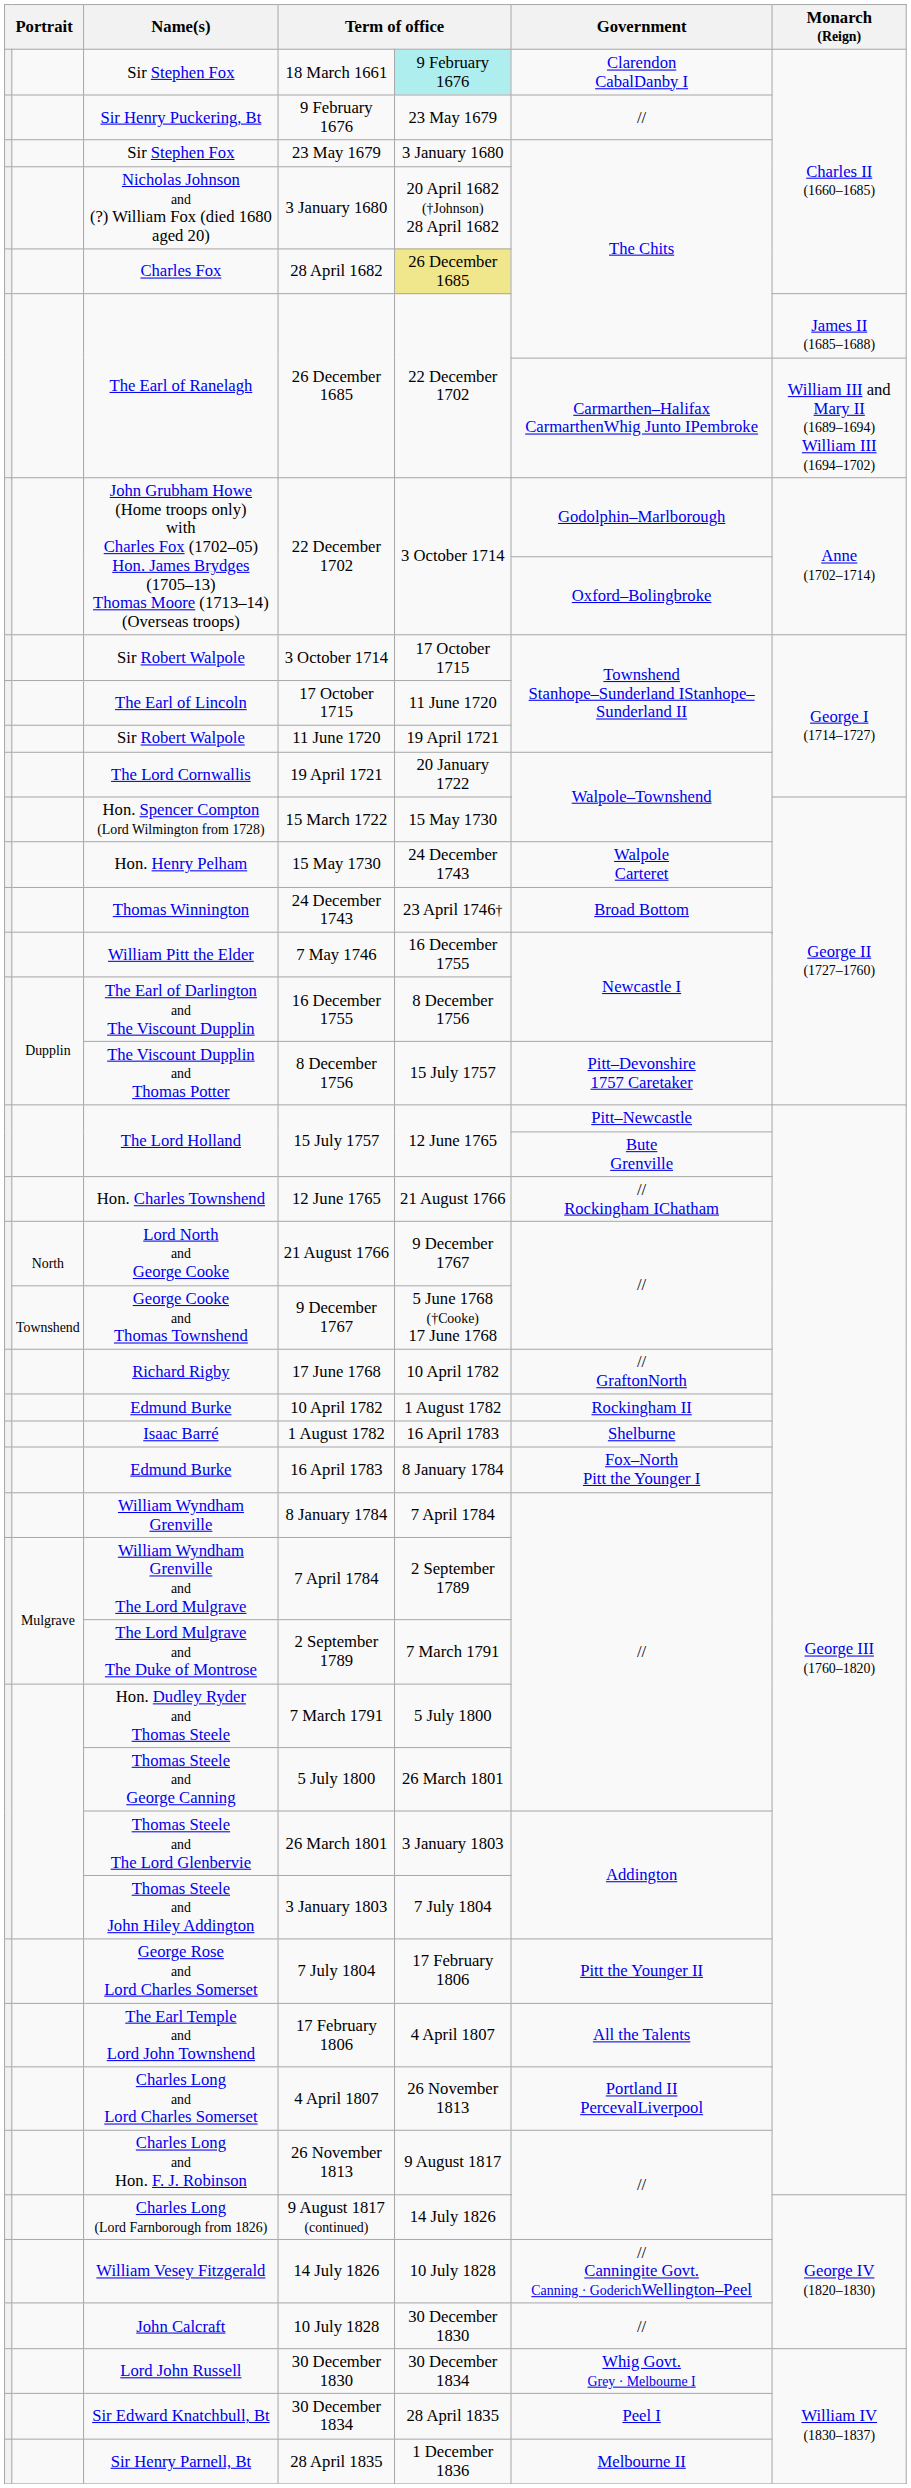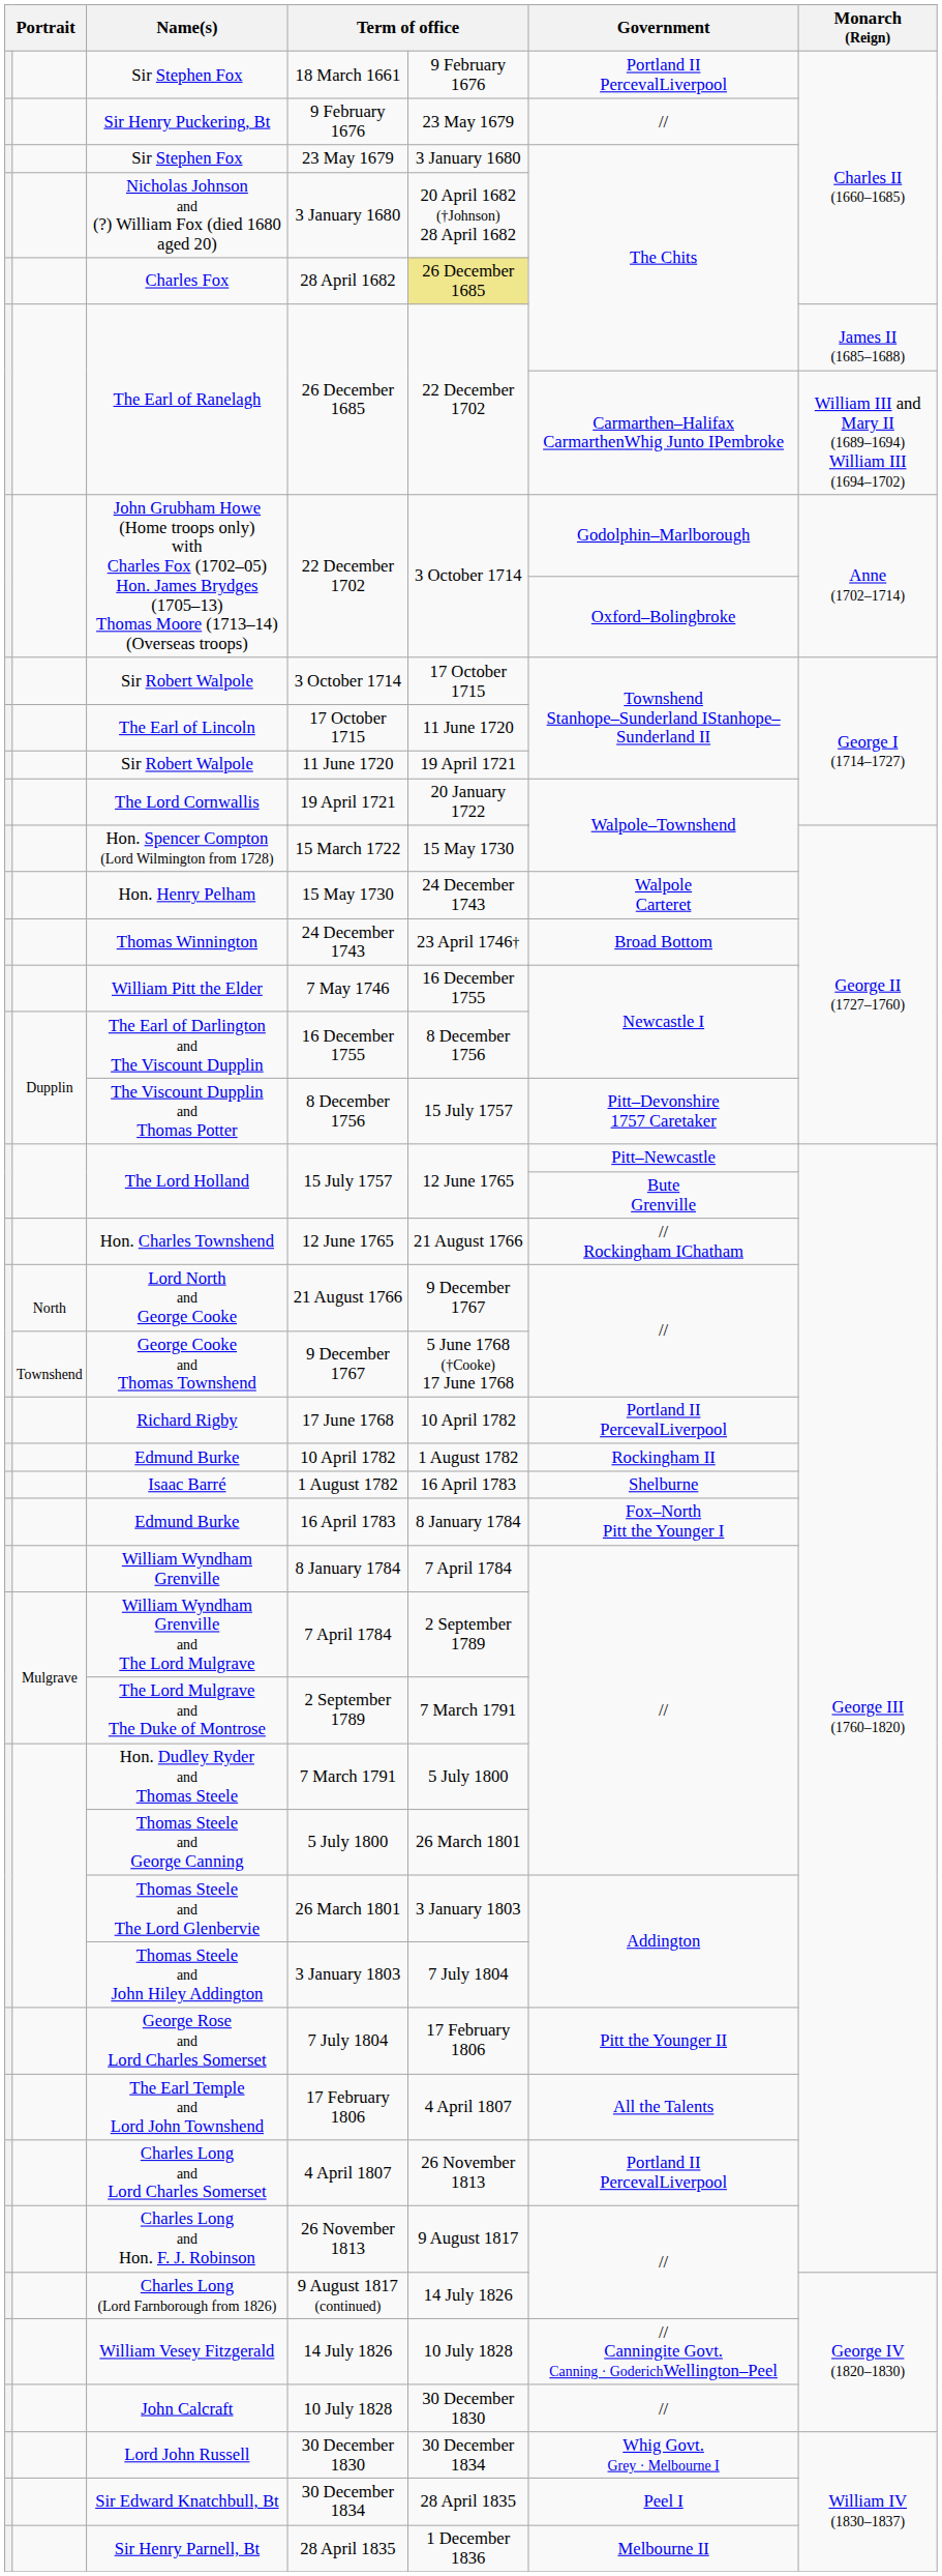 <table class="wikitable" style="text-align:center;">
 <tr>
 <th colspan=2>Portrait</th>
 <th>Name(s)</th>
 <th colspan=2>Term of office</th>
 <th>Government</th>
 <th>Monarch<br><small>(Reign)</small></th>
 </tr>
 <tr>
 <th style="background-color:"></th>
 <td></td>
 <td>Sir <a href='#'>Stephen Fox</a></td>
 <td>18 March 1661</td>
-<td style="background: paleturquoise;">9 February 1676</td>
-<td><a href='#'>Clarendon</a><br><a href='#'>Cabal</a><a href='#'>Danby I</a></td>
+<td>9 February 1676</td>
+<td><a href='#'>Portland II</a><br><a href='#'>Perceval</a><a href='#'>Liverpool</a></td>
 <td rowspan=5><br><a href='#'>Charles II</a><br><small>(1660–1685)</small></td>
 </tr>
 <tr>
 <th style="background-color:"></th>
 <td></td>
 <td><a href='#'>Sir Henry Puckering, Bt</a></td>
 <td>9 February 1676</td>
 <td>23 May 1679</td>
 <td>//</td>
 </tr>
 <tr>
 <th style="background-color:"></th>
 <td></td>
 <td>Sir <a href='#'>Stephen Fox</a></td>
 <td>23 May 1679</td>
 <td>3 January 1680</td>
 <td rowspan=4><a href='#'>The Chits</a></td>
 </tr>
 <tr>
 <th style="background-color:"></th>
 <td></td>
 <td><a href='#'>Nicholas Johnson</a><br><small>and</small><br> (?) William Fox (died 1680 aged 20)</td>
 <td>3 January 1680</td>
 <td>20 April 1682<br><small>(†Johnson)</small><br>28 April 1682</td>
 </tr>
 <tr>
 <th style="background-color:"></th>
 <td></td>
 <td><a href='#'>Charles Fox</a></td>
 <td>28 April 1682</td>
 <td style="background: khaki;">26 December 1685</td>
 </tr>
 <tr>
 <th rowspan=3 style="background-color:"></th>
 <td rowspan=3></td>
 <td rowspan=3><a href='#'>The Earl of Ranelagh</a></td>
 <td rowspan=3>26 December 1685</td>
 <td rowspan=3>22 December 1702</td>
 <td><br><a href='#'>James II</a><br><small>(1685–1688)</small></td>
 </tr>
 <tr>
 <td><a href='#'>Carmarthen–Halifax</a><br><a href='#'>Carmarthen</a><a href='#'>Whig Junto I</a><a href='#'>Pembroke</a></td>
 <td><br><a href='#'>William III</a> and <a href='#'>Mary II</a><br><small>(1689–1694)</small><br><a href='#'>William III</a><br><small>(1694–1702)</small></td>
 </tr>
 <tr>
 <td rowspan=2><a href='#'>Godolphin–Marlborough</a></td>
 <td rowspan=3><br><a href='#'>Anne</a><br><small>(1702–1714)</small></td>
 </tr>
 <tr>
 <th rowspan=2 style="background-color:"></th>
 <td rowspan=2></td>
 <td rowspan=2><a href='#'>John Grubham Howe</a> <br> (Home troops only)<br>with<br><a href='#'>Charles Fox</a> (1702–05)<br><a href='#'>Hon. James Brydges</a> (1705–13)<br><a href='#'>Thomas Moore</a> (1713–14)<br> (Overseas troops)</td>
 <td rowspan=2>22 December 1702</td>
 <td rowspan=2>3 October 1714</td>
 </tr>
 <tr>
 <td><a href='#'>Oxford–Bolingbroke</a></td>
 </tr>
 <tr>
 <th style="background-color:"></th>
 <td></td>
 <td>Sir <a href='#'>Robert Walpole</a></td>
 <td>3 October 1714</td>
 <td>17 October 1715</td>
 <td rowspan=3><a href='#'>Townshend</a><br><a href='#'>Stanhope–Sunderland I</a><a href='#'>Stanhope–Sunderland II</a></td>
 <td rowspan=5><br><a href='#'>George I</a><br><small>(1714–1727)</small></td>
 </tr>
 <tr>
 <th style="background-color:"></th>
 <td></td>
 <td><a href='#'>The Earl of Lincoln</a></td>
 <td>17 October 1715</td>
 <td>11 June 1720</td>
 </tr>
 <tr>
 <th style="background-color:"></th>
 <td></td>
 <td>Sir <a href='#'>Robert Walpole</a></td>
 <td>11 June 1720</td>
 <td>19 April 1721</td>
 </tr>
 <tr>
 <th style="background-color:"></th>
 <td></td>
 <td><a href='#'>The Lord Cornwallis</a></td>
 <td>19 April 1721</td>
 <td>20 January 1722</td>
 <td rowspan=3><a href='#'>Walpole–Townshend</a></td>
 </tr>
 <tr>
 <th rowspan=2 style="background-color:"></th>
 <td rowspan=2></td>
 <td rowspan=2>Hon. <a href='#'>Spencer Compton</a><br><small>(Lord Wilmington from 1728)</small></td>
 <td rowspan=2>15 March 1722</td>
 <td rowspan=2>15 May 1730</td>
 </tr>
 <tr>
 <td rowspan=8><br><a href='#'>George II</a><br><small>(1727–1760)</small></td>
 </tr>
 <tr>
 <th style="background-color:"></th>
 <td></td>
 <td>Hon. <a href='#'>Henry Pelham</a></td>
 <td>15 May 1730</td>
 <td>24 December 1743</td>
 <td><a href='#'>Walpole</a><br><a href='#'>Carteret</a></td>
 </tr>
 <tr>
 <th style="background-color:"></th>
 <td></td>
 <td><a href='#'>Thomas Winnington</a></td>
 <td>24 December 1743</td>
 <td>23 April 1746<small>†</small></td>
 <td rowspan=2><a href='#'>Broad Bottom</a></td>
 </tr>
 <tr>
 <th rowspan=2 style="background-color:"></th>
 <td rowspan=2></td>
 <td rowspan=2><a href='#'>William Pitt the Elder</a></td>
 <td rowspan=2>7 May 1746</td>
 <td rowspan=2>16 December 1755</td>
 </tr>
 <tr>
 <td rowspan=2><a href='#'>Newcastle I</a></td>
 </tr>
 <tr>
 <th rowspan=2 style="background-color:"></th>
 <td rowspan=2><br><small>Dupplin</small></td>
 <td><a href='#'>The Earl of Darlington</a><br><small>and</small><br><a href='#'>The Viscount Dupplin</a></td>
 <td>16 December 1755</td>
 <td>8 December 1756</td>
 </tr>
 <tr>
 <td><a href='#'>The Viscount Dupplin</a><br><small>and</small><br><a href='#'>Thomas Potter</a></td>
 <td>8 December 1756</td>
 <td>15 July 1757</td>
 <td><a href='#'>Pitt–Devonshire</a><br><a href='#'>1757 Caretaker</a></td>
 </tr>
 <tr>
 <th rowspan=3 style="background-color:"></th>
 <td rowspan=3></td>
 <td rowspan=3><a href='#'>The Lord Holland</a></td>
 <td rowspan=3>15 July 1757</td>
 <td rowspan=3>12 June 1765</td>
 <td rowspan=2><a href='#'>Pitt–Newcastle</a></td>
 </tr>
 <tr>
 <td rowspan=21><br><a href='#'>George III</a><br><small>(1760–1820)</small><br></td>
 </tr>
 <tr>
 <td><a href='#'>Bute</a><br><a href='#'>Grenville</a></td>
 </tr>
 <tr>
 <th style="background-color:"></th>
 <td></td>
 <td>Hon. <a href='#'>Charles Townshend</a></td>
 <td>12 June 1765</td>
 <td>21 August 1766</td>
 <td>//<br><a href='#'>Rockingham I</a><a href='#'>Chatham</a></td>
 </tr>
 <tr>
 <th rowspan=2 style="background-color:"></th>
 <td><br><small>North</small></td>
 <td><a href='#'>Lord North</a><br><small>and</small><br><a href='#'>George Cooke</a></td>
 <td>21 August 1766</td>
 <td>9 December 1767</td>
 <td rowspan=2>//</td>
 </tr>
 <tr>
 <td><br><small>Townshend</small></td>
 <td><a href='#'>George Cooke</a><br><small>and</small><br><a href='#'>Thomas Townshend</a></td>
 <td>9 December 1767</td>
 <td>5 June 1768<br><small>(†Cooke)</small><br>17 June 1768</td>
 </tr>
 <tr>
 <th style="background-color:"></th>
 <td></td>
 <td><a href='#'>Richard Rigby</a></td>
 <td>17 June 1768</td>
 <td>10 April 1782</td>
-<td>//<br><a href='#'>Grafton</a><a href='#'>North</a></td>
+<td><a href='#'>Portland II</a><br><a href='#'>Perceval</a><a href='#'>Liverpool</a></td>
 </tr>
 <tr>
 <th style="background-color:"></th>
 <td></td>
 <td><a href='#'>Edmund Burke</a></td>
 <td>10 April 1782</td>
 <td>1 August 1782</td>
 <td><a href='#'>Rockingham II</a></td>
 </tr>
 <tr>
 <th style="background-color:"></th>
 <td></td>
 <td><a href='#'>Isaac Barré</a></td>
 <td>1 August 1782</td>
 <td>16 April 1783</td>
 <td><a href='#'>Shelburne</a></td>
 </tr>
 <tr>
 <th style="background-color:"></th>
 <td></td>
 <td><a href='#'>Edmund Burke</a></td>
 <td>16 April 1783</td>
 <td>8 January 1784</td>
 <td><a href='#'>Fox–North</a><br><a href='#'>Pitt the Younger I</a></td>
 </tr>
 <tr>
 <th style="background-color:"></th>
 <td></td>
 <td><a href='#'>William Wyndham Grenville</a></td>
 <td>8 January 1784</td>
 <td>7 April 1784</td>
 <td rowspan=5>//</td>
 </tr>
 <tr>
 <th rowspan=2 style="background-color:"></th>
 <td rowspan=2><br><small>Mulgrave</small></td>
 <td><a href='#'>William Wyndham Grenville</a><br><small>and</small><br><a href='#'>The Lord Mulgrave</a></td>
 <td>7 April 1784</td>
 <td>2 September 1789</td>
 </tr>
 <tr>
 <td><a href='#'>The Lord Mulgrave</a><br><small>and</small><br><a href='#'>The Duke of Montrose</a></td>
 <td>2 September 1789</td>
 <td>7 March 1791</td>
 </tr>
 <tr>
 <th rowspan=4 style="background-color:"></th>
 <td rowspan=4></td>
 <td>Hon. <a href='#'>Dudley Ryder</a><br><small>and</small><br><a href='#'>Thomas Steele</a></td>
 <td>7 March 1791</td>
 <td>5 July 1800</td>
 </tr>
 <tr>
 <td><a href='#'>Thomas Steele</a><br><small>and</small><br><a href='#'>George Canning</a></td>
 <td>5 July 1800</td>
 <td>26 March 1801</td>
 </tr>
 <tr>
 <td><a href='#'>Thomas Steele</a><br><small>and</small><br><a href='#'>The Lord Glenbervie</a></td>
 <td>26 March 1801</td>
 <td>3 January 1803</td>
 <td rowspan=2><a href='#'>Addington</a></td>
 </tr>
 <tr>
 <td><a href='#'>Thomas Steele</a><br><small>and</small><br><a href='#'>John Hiley Addington</a></td>
 <td>3 January 1803</td>
 <td>7 July 1804</td>
 </tr>
 <tr>
 <th style="background-color:"></th>
 <td></td>
 <td><a href='#'>George Rose</a><br><small>and</small><br><a href='#'>Lord Charles Somerset</a></td>
 <td>7 July 1804</td>
 <td>17 February 1806</td>
 <td><a href='#'>Pitt the Younger II</a></td>
 </tr>
 <tr>
 <th style="background-color:"></th>
 <td></td>
 <td><a href='#'>The Earl Temple</a><br><small>and</small><br><a href='#'>Lord John Townshend</a></td>
 <td>17 February 1806</td>
 <td>4 April 1807</td>
 <td><a href='#'>All the Talents</a></td>
 </tr>
 <tr>
 <th style="background-color:"></th>
 <td></td>
 <td><a href='#'>Charles Long</a><br><small>and</small><br><a href='#'>Lord Charles Somerset</a></td>
 <td>4 April 1807</td>
 <td>26 November 1813</td>
 <td><a href='#'>Portland II</a><br><a href='#'>Perceval</a><a href='#'>Liverpool</a></td>
 </tr>
 <tr>
 <th style="background-color:"></th>
 <td></td>
 <td><a href='#'>Charles Long</a><br><small>and</small><br>Hon. <a href='#'>F. J. Robinson</a></td>
 <td>26 November 1813</td>
 <td>9 August 1817</td>
 <td rowspan=3>//</td>
 </tr>
 <tr>
 <th rowspan=2 style="background-color:"></th>
 <td rowspan=2></td>
 <td rowspan=2><a href='#'>Charles Long</a><br><small>(Lord Farnborough from 1826)</small></td>
 <td rowspan=2>9 August 1817<br><small>(continued)</small></td>
 <td rowspan=2>14 July 1826</td>
 </tr>
 <tr>
 <td rowspan=3><br><a href='#'>George IV</a><br><small>(1820–1830)</small></td>
 </tr>
 <tr>
 <th style="background-color:"></th>
 <td></td>
 <td><a href='#'>William Vesey Fitzgerald</a></td>
 <td>14 July 1826</td>
 <td>10 July 1828</td>
 <td>//<br><a href='#'>Canningite Govt.<br><small>Canning · Goderich</small></a><a href='#'>Wellington–Peel</a></td>
 </tr>
 <tr>
 <th style="background-color:"></th>
 <td></td>
 <td><a href='#'>John Calcraft</a></td>
 <td>10 July 1828</td>
 <td>30 December 1830</td>
 <td>//</td>
 </tr>
 <tr>
 <th style="background-color:"></th>
 <td></td>
 <td><a href='#'>Lord John Russell</a></td>
 <td>30 December 1830</td>
 <td>30 December 1834</td>
 <td><a href='#'>Whig Govt.<br><small>Grey · Melbourne I</small></a></td>
 <td rowspan=3><br><a href='#'>William IV</a><br><small>(1830–1837)</small></td>
 </tr>
 <tr>
 <th style="background-color:"></th>
 <td></td>
 <td><a href='#'>Sir Edward Knatchbull, Bt</a></td>
 <td>30 December 1834</td>
 <td>28 April 1835</td>
 <td><a href='#'>Peel I</a></td>
 </tr>
 <tr>
 <th style="background-color:"></th>
 <td></td>
 <td><a href='#'>Sir Henry Parnell, Bt</a></td>
 <td>28 April 1835</td>
 <td>1 December 1836</td>
 <td><a href='#'>Melbourne II</a></td>
 </tr>
 </table>
